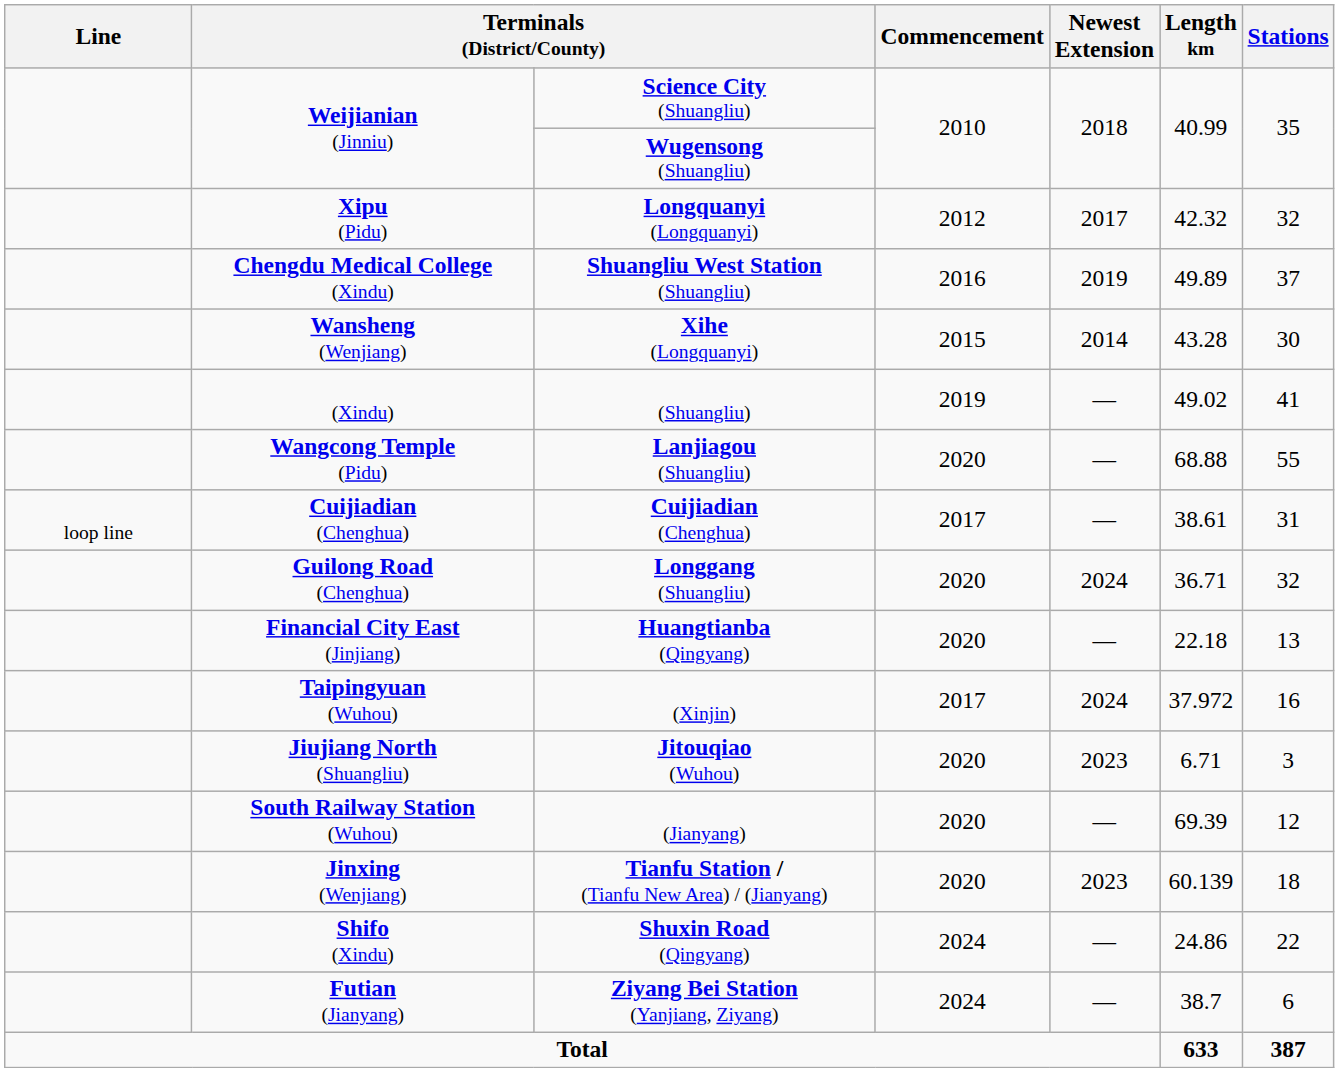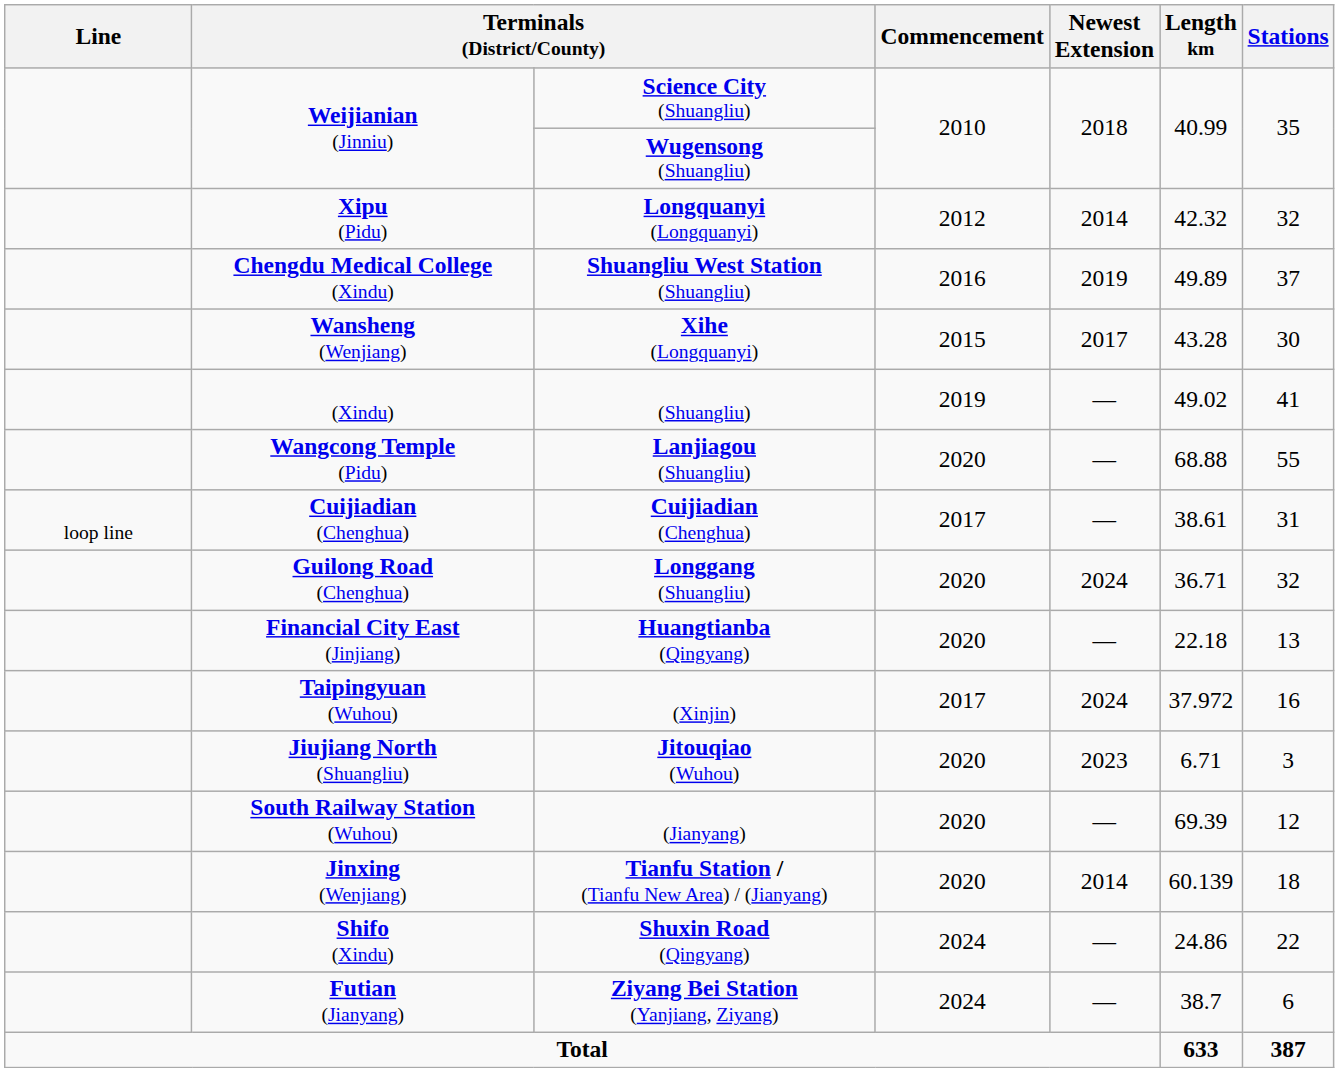 <table class="wikitable sortable" style="cell-padding:1.5; font-size:100%; text-align:center;">
 <tr>
 <th data-sort-type="text"style="width:120px;">Line</th>
 <th class="unsortable" colspan="2" style="width:450px; line-height:1.05">Terminals<br><small>(District/County)</small></th>
 <th>Commencement</th>
 <th>Newest<br>Extension</th>
 <th style="line-height:1.05">Length<br><small>km</small></th>
 <th style="line-height:1.05"><a href='#'>Stations</a></th>
 </tr>
 <tr>
 <td rowspan="2" style="text-align:center; line-height:1.05"></td>
 <td rowspan="2" style="text-align:center; width:225px; line-height:1.05"><strong><a href='#'>Weijianian</a></strong><small><br>(<a href='#'>Jinniu</a>)</small></td>
 <td style="text-align:center; width:225px; line-height:1.05"><strong><a href='#'>Science City</a></strong><small><br>(<a href='#'>Shuangliu</a>)</small></td>
 <td rowspan="2" style="text-align:center; line-height:1.05">2010</td>
 <td rowspan="2" style="text-align:center; line-height:1.05">2018</td>
 <td rowspan="2" style="text-align:center; line-height:1.05">40.99</td>
 <td rowspan="2" style="text-align:center; line-height:1.05">35</td>
 </tr>
 <tr>
 <td style="text-align:center; width:225px; line-height:1.05"><strong><a href='#'>Wugensong</a></strong><small><br>(<a href='#'>Shuangliu</a>)</small></td>
 </tr>
 <tr>
 <td style="text-align:center; line-height:1.05"></td>
 <td style="text-align:center; width:225px; line-height:1.05"><strong><a href='#'>Xipu</a></strong><small><br>(<a href='#'>Pidu</a>)</small></td>
 <td style="text-align:center; width:225px; line-height:1.05"><strong><a href='#'>Longquanyi</a></strong><small><br>(<a href='#'>Longquanyi</a>)</small></td>
 <td style="text-align:center; line-height:1.05">2012</td>
-<td style="text-align:center; line-height:1.05">2017</td>
+<td style="text-align:center; line-height:1.05">2014</td>
 <td style="text-align:center; line-height:1.05">42.32</td>
 <td style="text-align:center; line-height:1.05">32</td>
 </tr>
 <tr>
 <td style="text-align:center; line-height:1.05"></td>
 <td style="text-align:center; width:225px; line-height:1.05"><strong><a href='#'>Chengdu Medical College</a></strong><small><br>(<a href='#'>Xindu</a>)</small></td>
 <td style="text-align:center; width:225px; line-height:1.05"><strong><a href='#'>Shuangliu West Station</a></strong><small><br>(<a href='#'>Shuangliu</a>)</small></td>
 <td style="text-align:center; line-height:1.05">2016</td>
 <td style="text-align:center; line-height:1.05">2019</td>
 <td style="text-align:center; line-height:1.05">49.89</td>
 <td style="text-align:center; line-height:1.05">37</td>
 </tr>
 <tr>
 <td style="text-align:center; line-height:1.05"></td>
 <td style="text-align:center; width:225px; line-height:1.05"><strong><a href='#'>Wansheng</a></strong><small><br>(<a href='#'>Wenjiang</a>)</small></td>
 <td style="text-align:center; width:225px; line-height:1.05"><strong><a href='#'>Xihe</a></strong><small><br>(<a href='#'>Longquanyi</a>)</small></td>
 <td style="text-align:center; line-height:1.05">2015</td>
-<td style="text-align:center; line-height:1.05">2014</td>
+<td style="text-align:center; line-height:1.05">2017</td>
 <td style="text-align:center; line-height:1.05">43.28</td>
 <td style="text-align:center; line-height:1.05">30</td>
 </tr>
 <tr>
 <td style="text-align:center; line-height:1.05"></td>
 <td style="text-align:center; width:225px; line-height:1.05"><strong></strong><small><br>(<a href='#'>Xindu</a>)</small></td>
 <td style="text-align:center; width:225px; line-height:1.05"><strong></strong><small><br>(<a href='#'>Shuangliu</a>)</small></td>
 <td style="text-align:center; line-height:1.05">2019</td>
 <td style="text-align:center; line-height:1.05">—</td>
 <td style="text-align:center; line-height:1.05">49.02</td>
 <td style="text-align:center; line-height:1.05">41</td>
 </tr>
 <tr>
 <td></td>
 <td style="text-align:center; width:225px; line-height:1.05"><strong><a href='#'>Wangcong Temple</a></strong><small><br>(<a href='#'>Pidu</a>)</small></td>
 <td style="text-align:center; width:225px; line-height:1.05"><strong><a href='#'>Lanjiagou</a></strong><small><br>(<a href='#'>Shuangliu</a>)</small></td>
 <td>2020</td>
 <td>—</td>
 <td>68.88</td>
 <td>55</td>
 </tr>
 <tr>
 <td style="text-align:center; line-height:1.05"><br><small>loop line</small></td>
 <td style="text-align:center; width:225px; line-height:1.05"><strong><a href='#'>Cuijiadian</a></strong><small><br>(<a href='#'>Chenghua</a>)</small></td>
 <td style="text-align:center; width:225px; line-height:1.05"><strong><a href='#'>Cuijiadian</a></strong><small><br>(<a href='#'>Chenghua</a>)</small></td>
 <td style="text-align:center; line-height:1.05">2017</td>
 <td style="text-align:center; line-height:1.05">—</td>
 <td style="text-align:center; line-height:1.05">38.61</td>
 <td style="text-align:center; line-height:1.05">31</td>
 </tr>
 <tr>
 <td></td>
 <td style="text-align:center; width:225px; line-height:1.05"><strong><a href='#'>Guilong Road</a></strong><small><br>(<a href='#'>Chenghua</a>)</small></td>
 <td style="text-align:center; width:225px; line-height:1.05"><strong><a href='#'>Longgang</a></strong><small><br>(<a href='#'>Shuangliu</a>)</small></td>
 <td>2020</td>
 <td>2024</td>
 <td>36.71</td>
 <td>32</td>
 </tr>
 <tr>
 <td></td>
 <td style="text-align:center; width:225px; line-height:1.05"><strong><a href='#'>Financial City East</a></strong><small><br>(<a href='#'>Jinjiang</a>)</small></td>
 <td style="text-align:center; width:225px; line-height:1.05"><strong><a href='#'>Huangtianba</a></strong><small><br>(<a href='#'>Qingyang</a>)</small></td>
 <td>2020</td>
 <td>—</td>
 <td>22.18</td>
 <td>13</td>
 </tr>
 <tr>
 <td style="text-align:center; line-height:1.05"></td>
 <td style="text-align:center; width:225px; line-height:1.05"><strong><a href='#'>Taipingyuan</a></strong><small><br>(<a href='#'>Wuhou</a>)</small></td>
 <td style="text-align:center; width:225px; line-height:1.05"><strong></strong><small><br>(<a href='#'>Xinjin</a>)</small></td>
 <td style="text-align:center; line-height:1.05">2017</td>
 <td>2024</td>
 <td style="text-align:center; line-height:1.05">37.972</td>
 <td style="text-align:center; line-height:1.05">16</td>
 </tr>
 <tr>
 <td></td>
 <td style="text-align:center; width:225px; line-height:1.05"><strong><a href='#'>Jiujiang North</a></strong><small><br>(<a href='#'>Shuangliu</a>)</small></td>
 <td style="text-align:center; width:225px; line-height:1.05"><strong><a href='#'>Jitouqiao</a></strong><small><br>(<a href='#'>Wuhou</a>)</small></td>
 <td>2020</td>
 <td>2023</td>
 <td>6.71</td>
 <td>3</td>
 </tr>
 <tr>
 <td style="text-align:center; line-height:1.05"></td>
 <td style="text-align:center; width:225px; line-height:1.05"><strong><a href='#'>South Railway Station</a></strong><small><br>(<a href='#'>Wuhou</a>)</small></td>
 <td style="text-align:center; width:225px; line-height:1.05"><strong></strong><small><br>(<a href='#'>Jianyang</a>)</small></td>
 <td style="text-align:center; line-height:1.05">2020</td>
 <td style="text-align:center; line-height:1.05">—</td>
 <td style="text-align:center; line-height:1.05">69.39</td>
 <td style="text-align:center; line-height:1.05">12</td>
 </tr>
 <tr>
 <td></td>
 <td style="text-align:center; width:225px; line-height:1.05"><strong><a href='#'>Jinxing</a></strong><small><br>(<a href='#'>Wenjiang</a>)</small></td>
 <td style="text-align:center; width:225px; line-height:1.05"><strong><a href='#'>Tianfu Station</a> / </strong><small><br>(<a href='#'>Tianfu New Area</a>) / (<a href='#'>Jianyang</a>)</small></td>
 <td>2020</td>
-<td>2023</td>
+<td style="text-align:center; line-height:1.05">2014</td>
 <td>60.139</td>
 <td>18</td>
 </tr>
 <tr>
 <td></td>
 <td style="text-align:center; width:225px; line-height:1.05"><strong><a href='#'>Shifo</a></strong><small><br>(<a href='#'>Xindu</a>)</small></td>
 <td style="text-align:center; width:225px; line-height:1.05"><strong><a href='#'>Shuxin Road</a></strong><small><br>(<a href='#'>Qingyang</a>)</small></td>
 <td>2024</td>
 <td>—</td>
 <td>24.86</td>
 <td>22</td>
 </tr>
 <tr>
 <td></td>
 <td style="text-align:center; width:225px; line-height:1.05"><strong><a href='#'>Futian</a></strong><small><br>(<a href='#'>Jianyang</a>)</small></td>
 <td style="text-align:center; width:225px; line-height:1.05"><strong><a href='#'>Ziyang Bei Station</a></strong><small><br>(<a href='#'>Yanjiang</a>, <a href='#'>Ziyang</a>)</small></td>
 <td>2024</td>
 <td>—</td>
 <td>38.7</td>
 <td>6</td>
 </tr>
 <tr class="sortbottom">
 <td style="text-align:center; line-height:1.05" colspan="5"><strong>Total</strong></td>
 <td style="text-align:center; line-height:1.05"><strong>633</strong></td>
 <td style="text-align:center; line-height:1.05"><strong>387</strong></td>
 </tr>
 </table>
